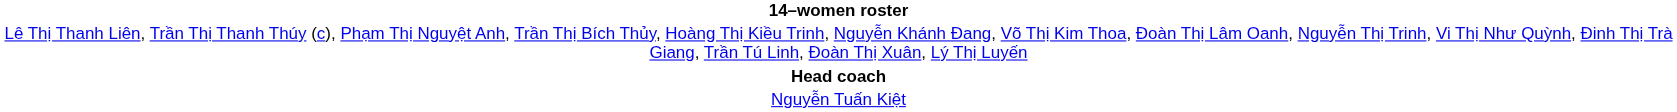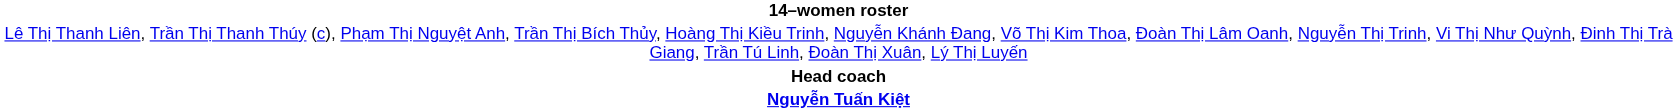 <table style="text-align:center; margin-top:2em; margin-left:auto; margin-right:auto">
 <tr>
 <td><strong>14–women roster</strong></td>
 </tr>
 <tr>
 <td><a href='#'>Lê Thị Thanh Liên</a>, <a href='#'>Trần Thị Thanh Thúy</a> (<a href='#'>c</a>), <a href='#'>Phạm Thị Nguyệt Anh</a>, <a href='#'>Trần Thị Bích Thủy</a>, <a href='#'>Hoàng Thị Kiều Trinh</a>, <a href='#'>Nguyễn Khánh Đang</a>, <a href='#'>Võ Thị Kim Thoa</a>, <a href='#'>Đoàn Thị Lâm Oanh</a>, <a href='#'>Nguyễn Thị Trinh</a>, <a href='#'>Vi Thị Như Quỳnh</a>, <a href='#'>Đinh Thị Trà Giang</a>, <a href='#'>Trần Tú Linh</a>, <a href='#'>Đoàn Thị Xuân</a>, <a href='#'>Lý Thị Luyến</a></td>
 </tr>
 <tr>
 <td><strong>Head coach</strong></td>
 </tr>
 <tr>
-<td> <a href='#'>Nguyễn Tuấn Kiệt</a></td>
+<td><strong> <a href='#'>Nguyễn Tuấn Kiệt</a></strong></td>
 </tr>
 </table>
